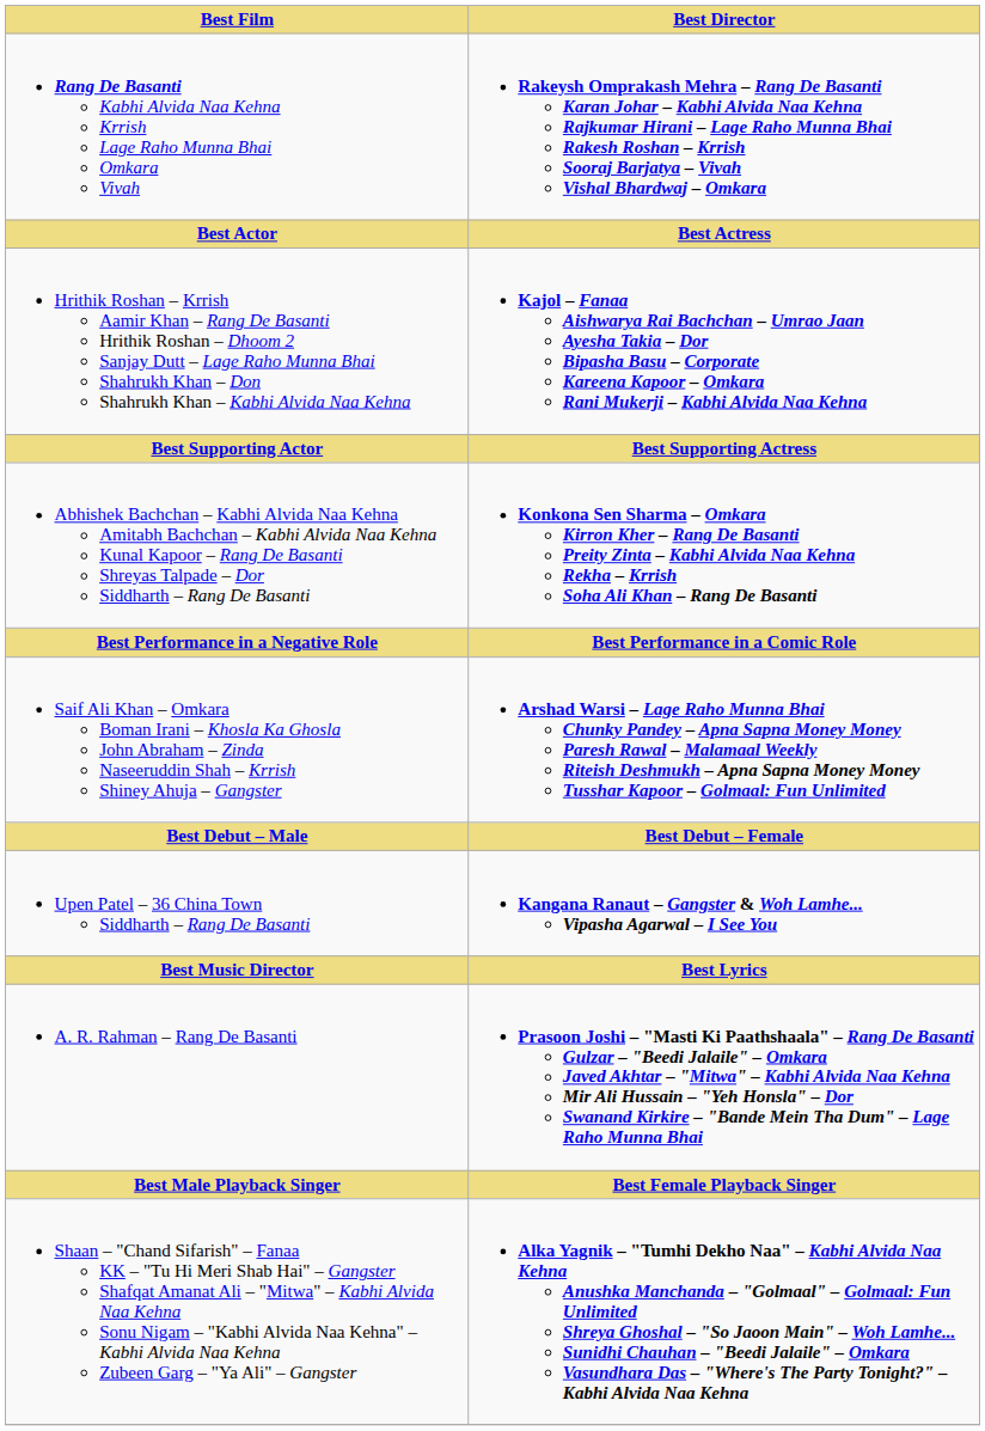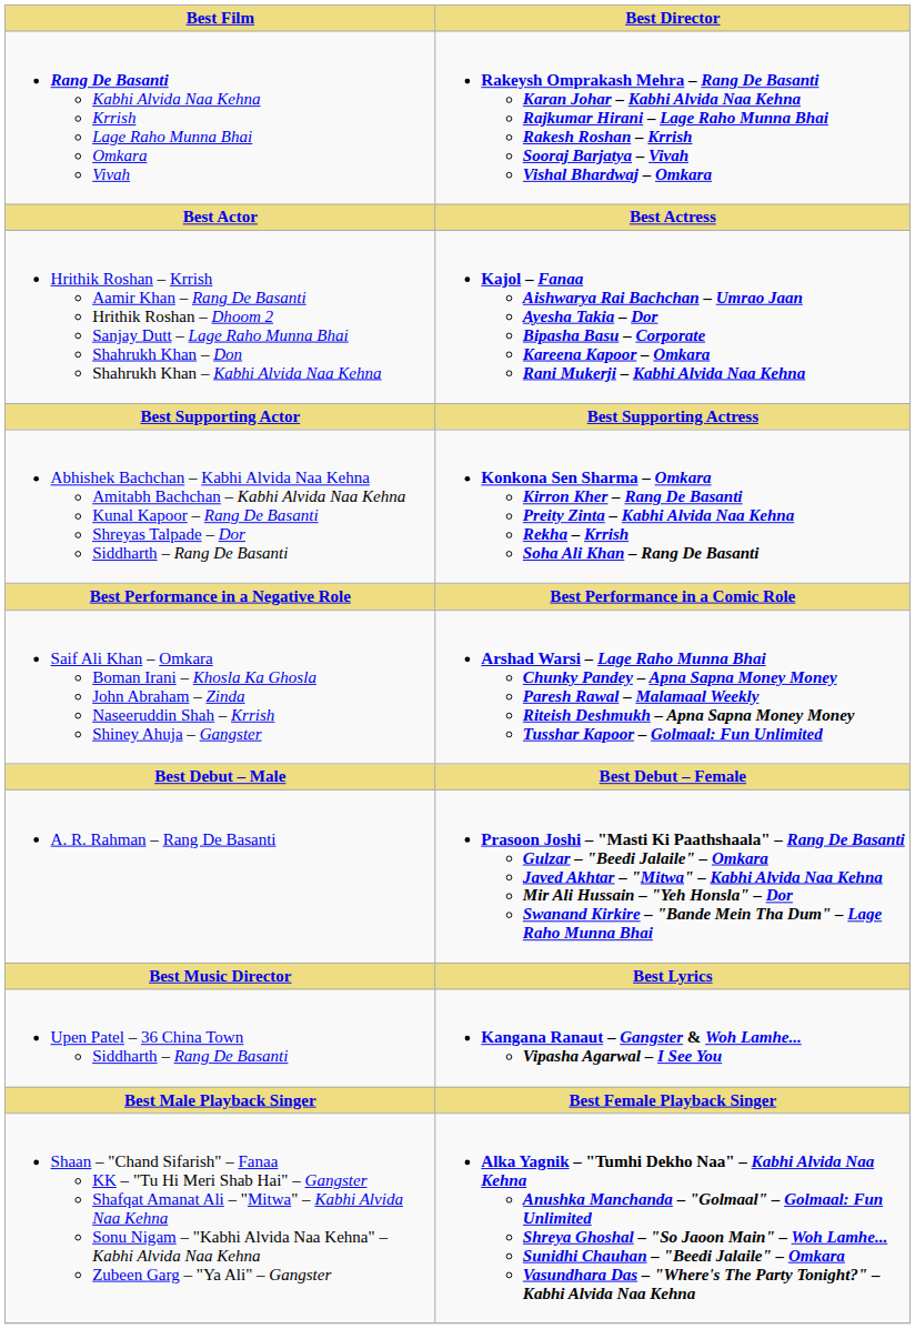 <table class="wikitable">
 <tr>
 <th ! style="background:#EEDD82;text-align:center;"><a href='#'>Best Film</a></th>
 <th ! style="background:#eedd82; text-align:center;"><a href='#'>Best Director</a></th>
 </tr>
 <tr>
 <td valign="top"><br><ul><li><strong><em><a href='#'>Rang De Basanti</a></em></strong><ul><li><em><a href='#'>Kabhi Alvida Naa Kehna</a></em></li><li><em><a href='#'>Krrish</a></em></li><li><em><a href='#'>Lage Raho Munna Bhai</a></em></li><li><em><a href='#'>Omkara</a></em></li><li><em><a href='#'>Vivah</a></em></li></ul></li></ul></td>
 <td valign="top"><br><ul><li><strong><a href='#'>Rakeysh Omprakash Mehra</a> – <em><a href='#'>Rang De Basanti</a><strong><em><ul><li><a href='#'>Karan Johar</a> – </em><a href='#'>Kabhi Alvida Naa Kehna</a><em></li><li><a href='#'>Rajkumar Hirani</a> – </em><a href='#'>Lage Raho Munna Bhai</a><em></li><li><a href='#'>Rakesh Roshan</a> – </em><a href='#'>Krrish</a><em></li><li><a href='#'>Sooraj Barjatya</a> – </em><a href='#'>Vivah</a><em></li><li><a href='#'>Vishal Bhardwaj</a> – </em><a href='#'>Omkara</a><em></li></ul></li></ul></td>
 </tr>
 <tr>
 <th ! style="background:#eedd82; text-align:center;"><a href='#'>Best Actor</a></th>
 <th ! style="background:#eedd82; text-align:center;"><a href='#'>Best Actress</a></th>
 </tr>
 <tr>
 <td valign="top"><br><ul><li></strong><a href='#'>Hrithik Roshan</a> – </em><a href='#'>Krrish</a></em></strong><ul><li><a href='#'>Aamir Khan</a> – <em><a href='#'>Rang De Basanti</a></em></li><li>Hrithik Roshan – <em><a href='#'>Dhoom 2</a></em></li><li><a href='#'>Sanjay Dutt</a> – <em><a href='#'>Lage Raho Munna Bhai</a></em></li><li><a href='#'>Shahrukh Khan</a> – <em><a href='#'>Don</a></em></li><li>Shahrukh Khan – <em><a href='#'>Kabhi Alvida Naa Kehna</a></em></li></ul></li></ul></td>
 <td valign="top"><br><ul><li><strong><a href='#'>Kajol</a> – <em><a href='#'>Fanaa</a><strong><em><ul><li><a href='#'>Aishwarya Rai Bachchan</a> – </em><a href='#'>Umrao Jaan</a><em></li><li><a href='#'>Ayesha Takia</a> – </em><a href='#'>Dor</a><em></li><li><a href='#'>Bipasha Basu</a> – </em><a href='#'>Corporate</a><em></li><li><a href='#'>Kareena Kapoor</a> – </em><a href='#'>Omkara</a><em></li><li><a href='#'>Rani Mukerji</a> – </em><a href='#'>Kabhi Alvida Naa Kehna</a><em></li></ul></li></ul></td>
 </tr>
 <tr>
 <th ! style="background:#eedd82; text-align:center;"><a href='#'>Best Supporting Actor</a></th>
 <th ! style="background:#eedd82; text-align:center;"><a href='#'>Best Supporting Actress</a></th>
 </tr>
 <tr>
 <td valign="top"><br><ul><li></strong><a href='#'>Abhishek Bachchan</a> – </em><a href='#'>Kabhi Alvida Naa Kehna</a></em></strong><ul><li><a href='#'>Amitabh Bachchan</a> – <em>Kabhi Alvida Naa Kehna</em></li><li><a href='#'>Kunal Kapoor</a> – <em><a href='#'>Rang De Basanti</a></em></li><li><a href='#'>Shreyas Talpade</a> – <em><a href='#'>Dor</a></em></li><li><a href='#'>Siddharth</a> – <em>Rang De Basanti</em></li></ul></li></ul></td>
 <td valign="top"><br><ul><li><strong><a href='#'>Konkona Sen Sharma</a> – <em><a href='#'>Omkara</a><strong><em><ul><li><a href='#'>Kirron Kher</a> – </em><a href='#'>Rang De Basanti</a><em></li><li><a href='#'>Preity Zinta</a> – </em><a href='#'>Kabhi Alvida Naa Kehna</a><em></li><li><a href='#'>Rekha</a> – </em><a href='#'>Krrish</a><em></li><li><a href='#'>Soha Ali Khan</a> – </em>Rang De Basanti<em></li></ul></li></ul></td>
 </tr>
 <tr>
 <th ! style="background:#eedd82; text-align:center;"><a href='#'>Best Performance in a Negative Role</a></th>
 <th ! style="background:#eedd82; text-align:center;"><a href='#'>Best Performance in a Comic Role</a></th>
 </tr>
 <tr>
 <td valign="top"><br><ul><li></strong><a href='#'>Saif Ali Khan</a> – </em><a href='#'>Omkara</a></em></strong><ul><li><a href='#'>Boman Irani</a> – <em><a href='#'>Khosla Ka Ghosla</a></em></li><li><a href='#'>John Abraham</a> – <em><a href='#'>Zinda</a></em></li><li><a href='#'>Naseeruddin Shah</a> – <em><a href='#'>Krrish</a></em></li><li><a href='#'>Shiney Ahuja</a> – <em><a href='#'>Gangster</a></em></li></ul></li></ul></td>
 <td valign="top"><br><ul><li><strong><a href='#'>Arshad Warsi</a> – <em><a href='#'>Lage Raho Munna Bhai</a><strong><em><ul><li><a href='#'>Chunky Pandey</a> – </em><a href='#'>Apna Sapna Money Money</a><em></li><li><a href='#'>Paresh Rawal</a> – </em><a href='#'>Malamaal Weekly</a><em></li><li><a href='#'>Riteish Deshmukh</a> – </em>Apna Sapna Money Money<em></li><li><a href='#'>Tusshar Kapoor</a> – </em><a href='#'>Golmaal: Fun Unlimited</a><em></li></ul></li></ul></td>
 </tr>
 <tr>
 <th ! style="background:#eedd82; text-align:center;"><a href='#'>Best Debut – Male</a></th>
 <th ! style="background:#eedd82; text-align:center;"><a href='#'>Best Debut – Female</a></th>
 </tr>
 <tr>
-<td valign="top"><br><ul><li></strong><a href='#'>Upen Patel</a> – </em><a href='#'>36 China Town</a></em></strong><ul><li><a href='#'>Siddharth</a> – <em><a href='#'>Rang De Basanti</a></em></li></ul></li></ul></td>
-<td valign="top"><br><ul><li><strong><a href='#'>Kangana Ranaut</a> – <em><a href='#'>Gangster</a></em> & <em><a href='#'>Woh Lamhe...</a><strong><em><ul><li>Vipasha Agarwal – </em><a href='#'>I See You</a><em></li></ul></li></ul></td>
+<td valign="top"><br><ul><li></strong><a href='#'>A. R. Rahman</a> – </em><a href='#'>Rang De Basanti</a></em></strong></li></ul></td>
+<td valign="top"><br><ul><li><strong><a href='#'>Prasoon Joshi</a> – "Masti Ki Paathshaala" – <em><a href='#'>Rang De Basanti</a><strong><em><ul><li><a href='#'>Gulzar</a> – "Beedi Jalaile" – </em><a href='#'>Omkara</a><em></li><li><a href='#'>Javed Akhtar</a> – "<a href='#'>Mitwa</a>" – </em><a href='#'>Kabhi Alvida Naa Kehna</a><em></li><li>Mir Ali Hussain – "Yeh Honsla" – </em><a href='#'>Dor</a><em></li><li><a href='#'>Swanand Kirkire</a> – "Bande Mein Tha Dum" – </em><a href='#'>Lage Raho Munna Bhai</a><em></li></ul></li></ul></td>
 </tr>
 <tr>
 <th ! style="background:#eedd82; text-align:center;"><a href='#'>Best Music Director</a></th>
 <th ! style="background:#eedd82; text-align:center;"><a href='#'>Best Lyrics</a></th>
 </tr>
 <tr>
-<td valign="top"><br><ul><li></strong><a href='#'>A. R. Rahman</a> – </em><a href='#'>Rang De Basanti</a></em></strong></li></ul></td>
-<td valign="top"><br><ul><li><strong><a href='#'>Prasoon Joshi</a> – "Masti Ki Paathshaala" – <em><a href='#'>Rang De Basanti</a><strong><em><ul><li><a href='#'>Gulzar</a> – "Beedi Jalaile" – </em><a href='#'>Omkara</a><em></li><li><a href='#'>Javed Akhtar</a> – "<a href='#'>Mitwa</a>" – </em><a href='#'>Kabhi Alvida Naa Kehna</a><em></li><li>Mir Ali Hussain – "Yeh Honsla" – </em><a href='#'>Dor</a><em></li><li><a href='#'>Swanand Kirkire</a> – "Bande Mein Tha Dum" – </em><a href='#'>Lage Raho Munna Bhai</a><em></li></ul></li></ul></td>
+<td valign="top"><br><ul><li></strong><a href='#'>Upen Patel</a> – </em><a href='#'>36 China Town</a></em></strong><ul><li><a href='#'>Siddharth</a> – <em><a href='#'>Rang De Basanti</a></em></li></ul></li></ul></td>
+<td valign="top"><br><ul><li><strong><a href='#'>Kangana Ranaut</a> – <em><a href='#'>Gangster</a></em> & <em><a href='#'>Woh Lamhe...</a><strong><em><ul><li>Vipasha Agarwal – </em><a href='#'>I See You</a><em></li></ul></li></ul></td>
 </tr>
 <tr>
 <th ! style="background:#eedd82; text-align:center;"><a href='#'>Best Male Playback Singer</a></th>
 <th ! style="background:#eedd82; text-align:center;"><a href='#'>Best Female Playback Singer</a></th>
 </tr>
 <tr>
 <td valign="top"><br><ul><li></strong><a href='#'>Shaan</a> – "Chand Sifarish" – </em><a href='#'>Fanaa</a></em></strong><ul><li><a href='#'>KK</a> – "Tu Hi Meri Shab Hai" – <em><a href='#'>Gangster</a></em></li><li><a href='#'>Shafqat Amanat Ali</a> – "<a href='#'>Mitwa</a>" – <em><a href='#'>Kabhi Alvida Naa Kehna</a></em></li><li><a href='#'>Sonu Nigam</a> – "Kabhi Alvida Naa Kehna" – <em>Kabhi Alvida Naa Kehna</em></li><li><a href='#'>Zubeen Garg</a> – "Ya Ali" – <em>Gangster</em></li></ul></li></ul></td>
 <td valign="top"><br><ul><li><strong><a href='#'>Alka Yagnik</a> – "Tumhi Dekho Naa" – <em><a href='#'>Kabhi Alvida Naa Kehna</a><strong><em><ul><li><a href='#'>Anushka Manchanda</a> – "Golmaal" – </em><a href='#'>Golmaal: Fun Unlimited</a><em></li><li><a href='#'>Shreya Ghoshal</a> – "So Jaoon Main" – </em><a href='#'>Woh Lamhe...</a><em></li><li><a href='#'>Sunidhi Chauhan</a> – "Beedi Jalaile" – </em><a href='#'>Omkara</a><em></li><li><a href='#'>Vasundhara Das</a> – "Where's The Party Tonight?" – </em>Kabhi Alvida Naa Kehna<em></li></ul></li></ul></td>
 </tr>
 <tr>
 </tr>
 </table>
